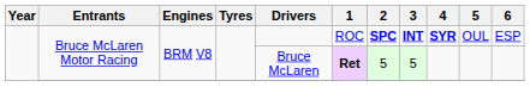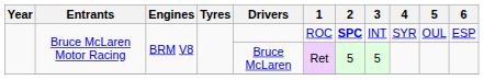 <table class="wikitable" style="text-align:center; font-size:95%">
 <tr>
 <th>Year</th>
 <th>Entrants</th>
 <th>Engines</th>
 <th>Tyres</th>
 <th>Drivers</th>
 <th>1</th>
 <th>2</th>
 <th>3</th>
 <th>4</th>
 <th>5</th>
 <th>6</th>
 </tr>
 <tr>
 <td rowspan="3"></td>
 <td rowspan="2"><a href='#'>Bruce McLaren Motor Racing</a></td>
 <td rowspan="2"><a href='#'>BRM</a> <a href='#'>V8</a></td>
 <td rowspan="2"></td>
 <td></td>
 <td><a href='#'>ROC</a></td>
 <td><strong><a href='#'>SPC</a></strong></td>
-<td><strong><a href='#'>INT</a></strong></td>
-<td><strong><a href='#'>SYR</a></strong></td>
+<td><a href='#'>INT</a></td>
+<td><a href='#'>SYR</a></td>
 <td><a href='#'>OUL</a></td>
 <td><a href='#'>ESP</a></td>
 </tr>
 <tr>
 <td><a href='#'>Bruce McLaren</a></td>
-<td style="background:#efcfff;"><strong>Ret</strong></td>
+<td style="background:#efcfff;">Ret</td>
 <td style="background:#dfffdf;">5</td>
 <td style="background:#dfffdf;">5</td>
 <td></td>
 <td></td>
 <td></td>
 </tr>
 <tr>
 </tr>
 </table>
